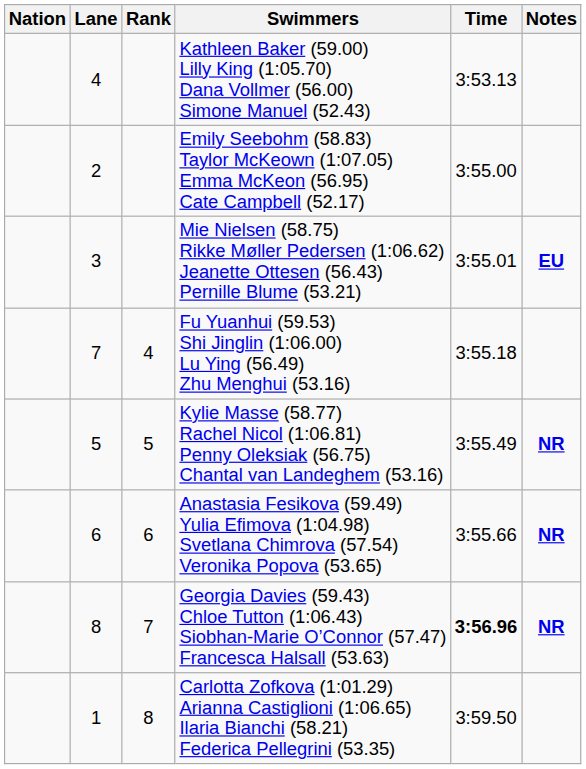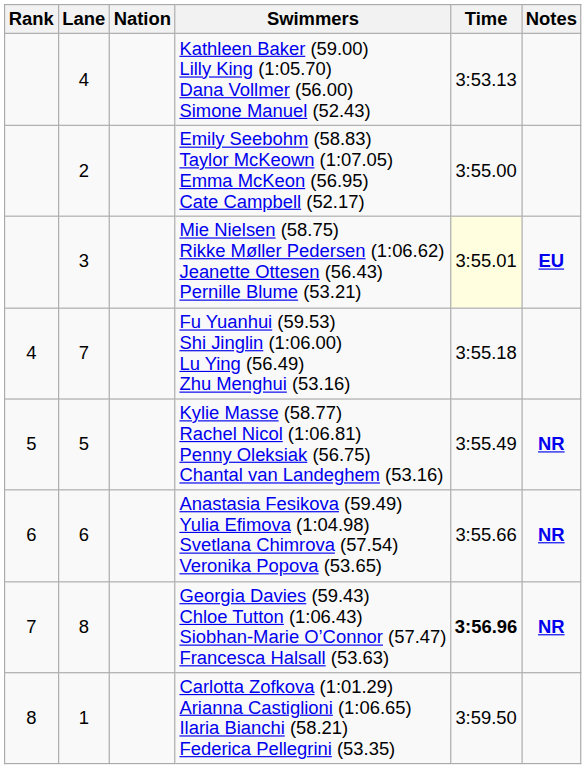 <table class="wikitable sortable" style="text-align:center">
 <tr>
+<th>Rank</th>
+<th>Lane</th>
 <th>Nation</th>
-<th>Lane</th>
-<th>Rank</th>
 <th>Swimmers</th>
 <th>Time</th>
 <th>Notes</th>
 </tr>
 <tr>
+<td></td>
+<td>4</td>
 <td align=left></td>
-<td>4</td>
-<td></td>
 <td align=left><a href='#'>Kathleen Baker</a> (59.00)<br><a href='#'>Lilly King</a> (1:05.70)<br><a href='#'>Dana Vollmer</a> (56.00)<br><a href='#'>Simone Manuel</a> (52.43)</td>
 <td>3:53.13</td>
 <td></td>
 </tr>
 <tr>
+<td></td>
+<td>2</td>
 <td align=left></td>
-<td>2</td>
-<td></td>
 <td align=left><a href='#'>Emily Seebohm</a> (58.83)<br><a href='#'>Taylor McKeown</a> (1:07.05)<br><a href='#'>Emma McKeon</a> (56.95)<br><a href='#'>Cate Campbell</a> (52.17)</td>
 <td>3:55.00</td>
 <td></td>
 </tr>
 <tr>
+<td></td>
+<td>3</td>
 <td align=left></td>
-<td>3</td>
-<td></td>
 <td align=left><a href='#'>Mie Nielsen</a> (58.75)<br><a href='#'>Rikke Møller Pedersen</a> (1:06.62)<br><a href='#'>Jeanette Ottesen</a> (56.43)<br><a href='#'>Pernille Blume</a> (53.21)</td>
-<td>3:55.01</td>
+<td style="background: lightyellow;">3:55.01</td>
 <td><strong><a href='#'>EU</a></strong></td>
 </tr>
 <tr>
+<td>4</td>
+<td>7</td>
 <td align=left></td>
-<td>7</td>
-<td>4</td>
 <td align=left><a href='#'>Fu Yuanhui</a> (59.53)<br><a href='#'>Shi Jinglin</a> (1:06.00)<br><a href='#'>Lu Ying</a> (56.49)<br><a href='#'>Zhu Menghui</a> (53.16)</td>
 <td>3:55.18</td>
 <td></td>
 </tr>
 <tr>
-<td align=left></td>
 <td>5</td>
 <td>5</td>
+<td align=left></td>
 <td align=left><a href='#'>Kylie Masse</a> (58.77)<br><a href='#'>Rachel Nicol</a> (1:06.81)<br><a href='#'>Penny Oleksiak</a> (56.75)<br><a href='#'>Chantal van Landeghem</a> (53.16)</td>
 <td>3:55.49</td>
 <td><strong><a href='#'>NR</a></strong></td>
 </tr>
 <tr>
-<td align=left></td>
 <td>6</td>
 <td>6</td>
+<td align=left></td>
 <td align=left><a href='#'>Anastasia Fesikova</a> (59.49)<br><a href='#'>Yulia Efimova</a> (1:04.98)<br><a href='#'>Svetlana Chimrova</a> (57.54)<br><a href='#'>Veronika Popova</a> (53.65)</td>
 <td>3:55.66</td>
 <td><strong><a href='#'>NR</a></strong></td>
 </tr>
 <tr>
+<td>7</td>
+<td>8</td>
 <td align=left></td>
-<td>8</td>
-<td>7</td>
 <td align=left><a href='#'>Georgia Davies</a> (59.43)<br><a href='#'>Chloe Tutton</a> (1:06.43)<br><a href='#'>Siobhan-Marie O’Connor</a> (57.47)<br><a href='#'>Francesca Halsall</a> (53.63)</td>
 <td><strong>3:56.96</strong></td>
 <td><strong><a href='#'>NR</a></strong></td>
 </tr>
 <tr>
+<td>8</td>
+<td>1</td>
 <td align=left></td>
-<td>1</td>
-<td>8</td>
 <td align=left><a href='#'>Carlotta Zofkova</a> (1:01.29)<br><a href='#'>Arianna Castiglioni</a> (1:06.65)<br><a href='#'>Ilaria Bianchi</a> (58.21)<br><a href='#'>Federica Pellegrini</a> (53.35)</td>
 <td>3:59.50</td>
 <td></td>
 </tr>
 </table>
